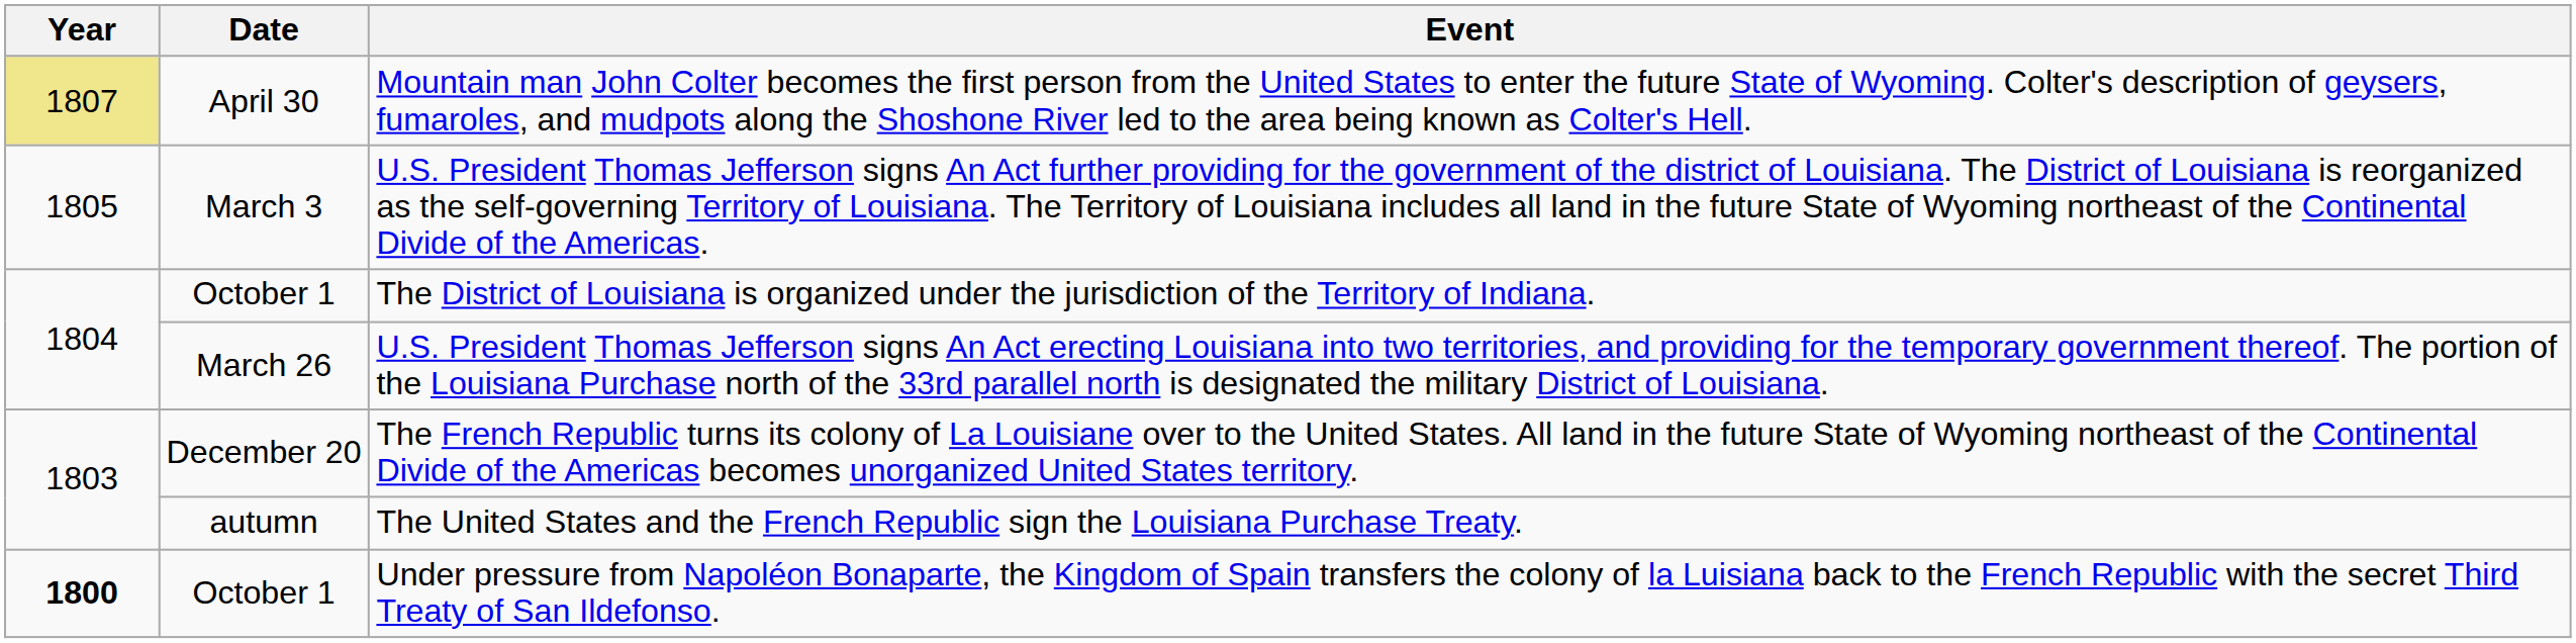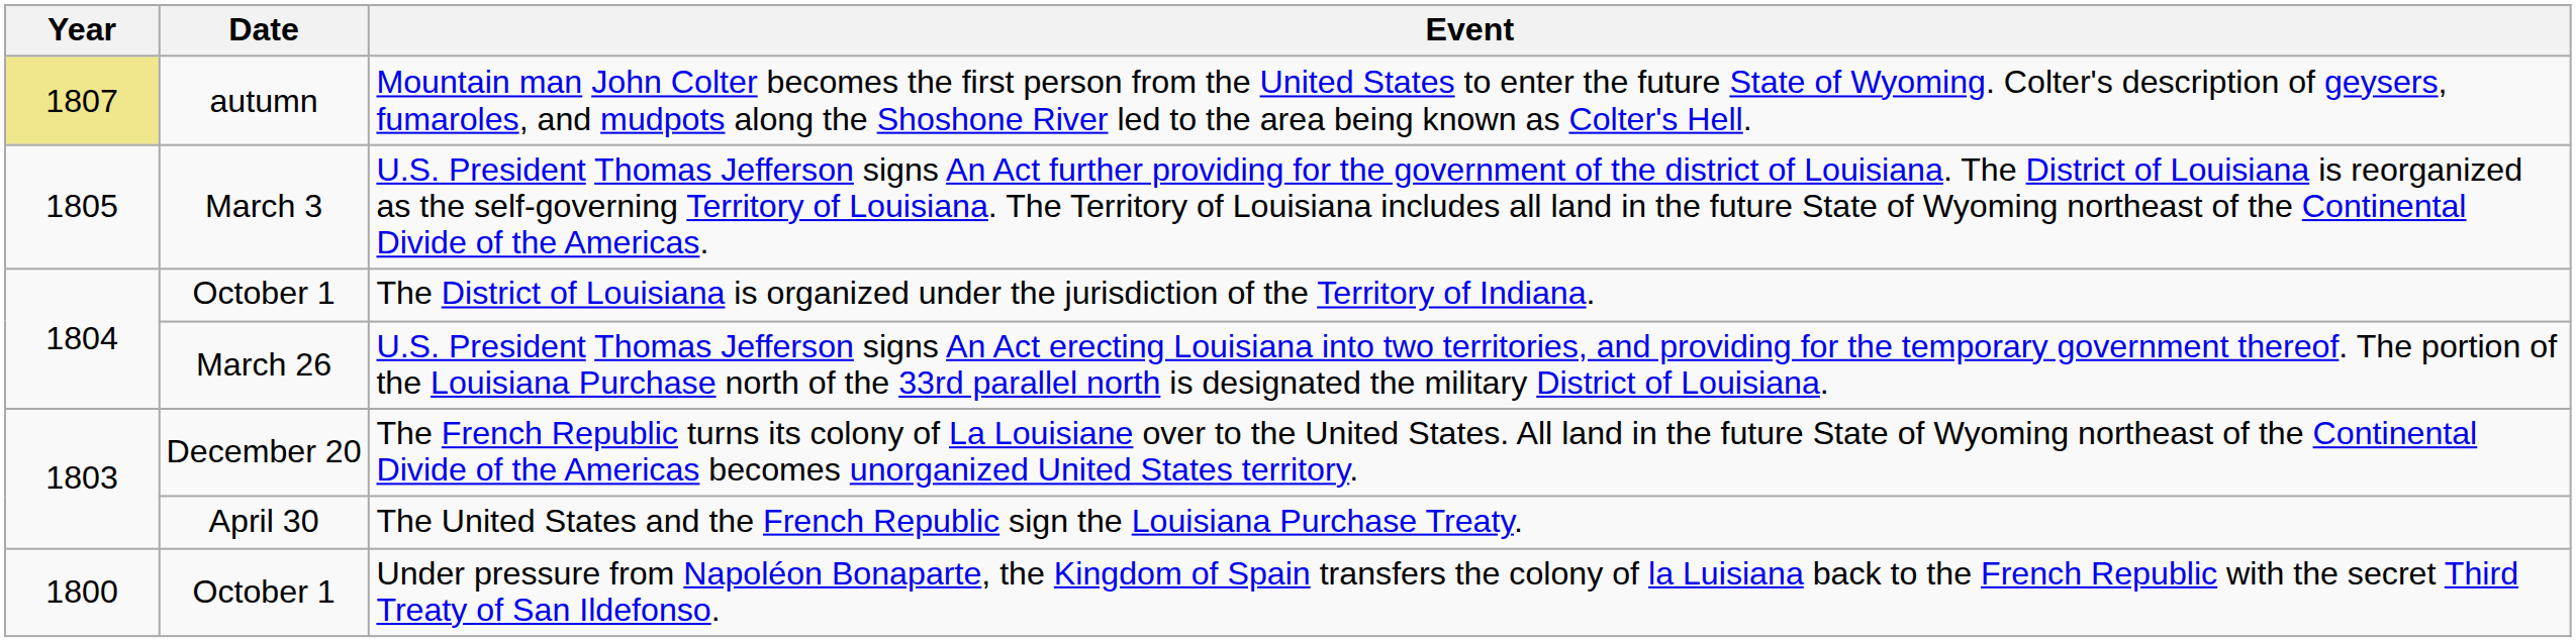 <table class="wikitable" style="width:100%;">
 <tr>
 <th style="width:6%">Year</th>
 <th style="width:8%">Date</th>
 <th style="width:86%">Event</th>
 </tr>
 <tr>
 <td align=center rowspan=1 style="background: khaki;">1807</td>
-<td align=center>April 30</td>
+<td align=center>autumn</td>
 <td><a href='#'>Mountain man</a> <a href='#'>John Colter</a> becomes the first person from the <a href='#'>United States</a> to enter the future <a href='#'>State of Wyoming</a>. Colter's description of <a href='#'>geysers</a>, <a href='#'>fumaroles</a>, and <a href='#'>mudpots</a> along the <a href='#'>Shoshone River</a> led to the area being known as <a href='#'>Colter's Hell</a>.</td>
 </tr>
 <tr>
 <td align=center rowspan=1>1805</td>
 <td align=center>March 3</td>
 <td><a href='#'>U.S. President</a> <a href='#'>Thomas Jefferson</a> signs <a href='#'>An Act further providing for the government of the district of Louisiana</a>.  The <a href='#'>District of Louisiana</a> is reorganized as the self-governing <a href='#'>Territory of Louisiana</a>. The Territory of Louisiana includes all land in the future State of Wyoming northeast of the <a href='#'>Continental Divide of the Americas</a>.</td>
 </tr>
 <tr>
 <td align=center rowspan=2>1804</td>
 <td align=center>October 1</td>
 <td>The <a href='#'>District of Louisiana</a> is organized under the jurisdiction of the <a href='#'>Territory of Indiana</a>.</td>
 </tr>
 <tr>
 <td align=center>March 26</td>
 <td><a href='#'>U.S. President</a> <a href='#'>Thomas Jefferson</a> signs <a href='#'>An Act erecting Louisiana into two territories, and providing for the temporary government thereof</a>.  The portion of the <a href='#'>Louisiana Purchase</a> north of the <a href='#'>33rd parallel north</a> is designated the military <a href='#'>District of Louisiana</a>.</td>
 </tr>
 <tr>
 <td align=center rowspan=2>1803</td>
 <td align=center>December 20</td>
 <td>The <a href='#'>French Republic</a> turns its colony of <a href='#'>La Louisiane</a> over to the United States.  All land in the future State of Wyoming northeast of the <a href='#'>Continental Divide of the Americas</a> becomes <a href='#'>unorganized United States territory</a>.</td>
 </tr>
 <tr>
-<td align=center>autumn</td>
+<td align=center>April 30</td>
 <td>The United States and the <a href='#'>French Republic</a> sign the <a href='#'>Louisiana Purchase Treaty</a>.</td>
 </tr>
 <tr>
-<td align=center rowspan=1><strong>1800</strong></td>
+<td align=center rowspan=1>1800</td>
 <td align=center>October 1</td>
 <td>Under pressure from <a href='#'>Napoléon Bonaparte</a>, the <a href='#'>Kingdom of Spain</a> transfers the colony of <a href='#'>la Luisiana</a> back to the <a href='#'>French Republic</a> with the secret <a href='#'>Third Treaty of San Ildefonso</a>.</td>
 </tr>
 </table>
